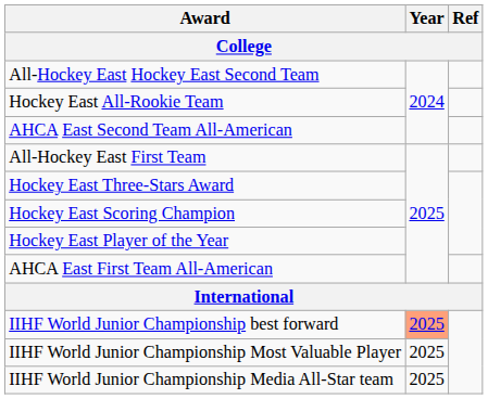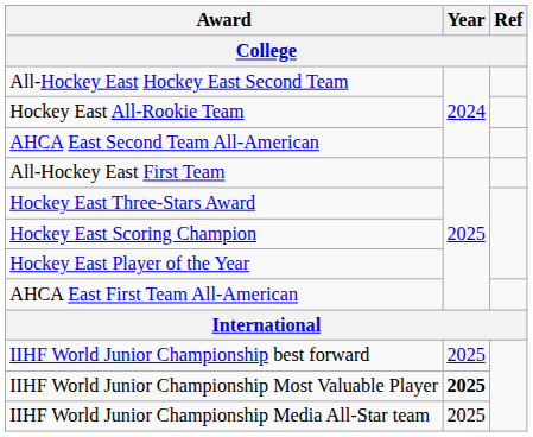 <table class="wikitable">
 <tr>
 <th>Award</th>
 <th>Year</th>
 <th>Ref</th>
 </tr>
 <tr>
 <th colspan="3"><a href='#'>College</a></th>
 </tr>
 <tr>
 <td>All-<a href='#'>Hockey East</a> <a href='#'>Hockey East Second Team</a></td>
 <td rowspan="3"><a href='#'>2024</a></td>
 <td></td>
 </tr>
 <tr>
 <td>Hockey East <a href='#'>All-Rookie Team</a></td>
 <td></td>
 </tr>
 <tr>
 <td><a href='#'>AHCA</a> <a href='#'>East Second Team All-American</a></td>
 <td></td>
 </tr>
 <tr>
 <td>All-Hockey East <a href='#'>First Team</a></td>
 <td rowspan="5"><a href='#'>2025</a></td>
 <td></td>
 </tr>
 <tr>
 <td><a href='#'>Hockey East Three-Stars Award</a></td>
 <td rowspan="3"></td>
 </tr>
 <tr>
 <td><a href='#'>Hockey East Scoring Champion</a></td>
 </tr>
 <tr>
 <td><a href='#'>Hockey East Player of the Year</a></td>
 </tr>
 <tr>
 <td>AHCA <a href='#'>East First Team All-American</a></td>
 <td></td>
 </tr>
 <tr>
 <th colspan="3"><a href='#'>International</a></th>
 </tr>
 <tr>
 <td><a href='#'>IIHF World Junior Championship</a> best forward</td>
-<td style="background: lightsalmon;"><a href='#'>2025</a></td>
+<td><a href='#'>2025</a></td>
 <td rowspan="3"></td>
 </tr>
 <tr>
 <td>IIHF World Junior Championship Most Valuable Player</td>
-<td>2025</td>
+<td><strong>2025</strong></td>
 </tr>
 <tr>
 <td>IIHF World Junior Championship Media All-Star team</td>
 <td>2025</td>
 </tr>
 </table>
